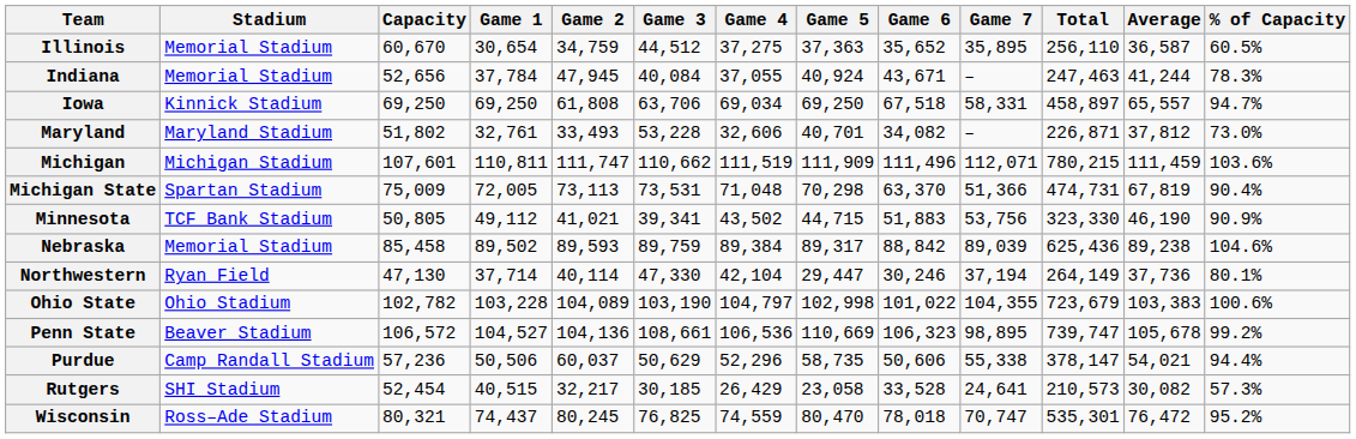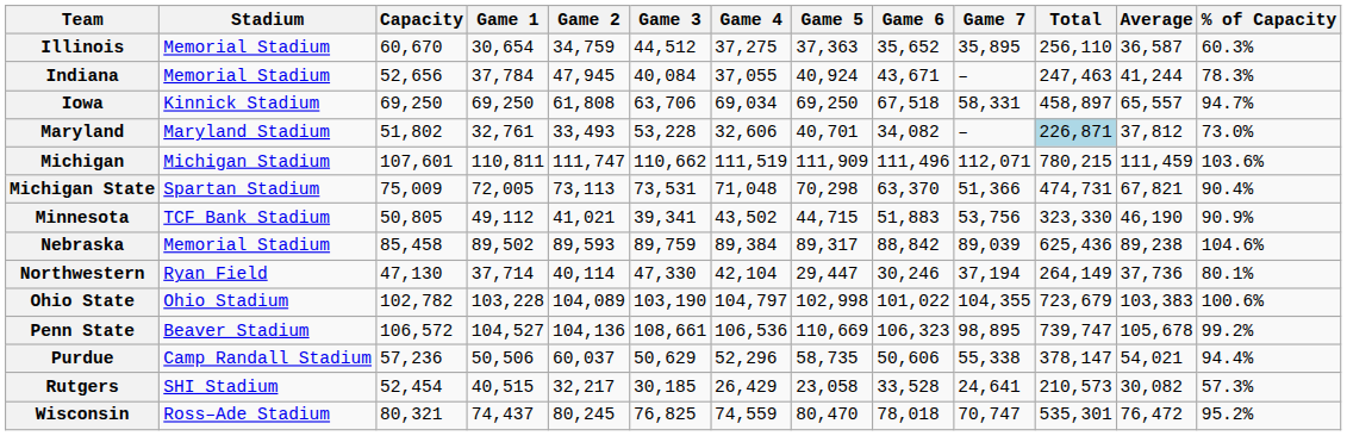 <table class="wikitable sortable">
 <tr>
 <th>Team</th>
 <th>Stadium</th>
 <th>Capacity</th>
 <th>Game 1</th>
 <th>Game 2</th>
 <th>Game 3</th>
 <th>Game 4</th>
 <th>Game 5</th>
 <th>Game 6</th>
 <th>Game 7</th>
 <th>Total</th>
 <th>Average</th>
 <th>% of Capacity</th>
 </tr>
 <tr>
 <th>Illinois</th>
 <td><a href='#'>Memorial Stadium</a></td>
 <td>60,670</td>
 <td>30,654</td>
 <td>34,759</td>
 <td>44,512</td>
 <td>37,275</td>
 <td>37,363</td>
 <td>35,652</td>
 <td>35,895</td>
 <td>256,110</td>
 <td>36,587</td>
-<td>60.5%</td>
+<td>60.3%</td>
 </tr>
 <tr>
 <th>Indiana</th>
 <td><a href='#'>Memorial Stadium</a></td>
 <td>52,656</td>
 <td>37,784</td>
 <td>47,945</td>
 <td>40,084</td>
 <td>37,055</td>
 <td>40,924</td>
 <td>43,671</td>
 <td>–</td>
 <td>247,463</td>
 <td>41,244</td>
 <td>78.3%</td>
 </tr>
 <tr>
 <th>Iowa</th>
 <td><a href='#'>Kinnick Stadium</a></td>
 <td>69,250</td>
 <td>69,250</td>
 <td>61,808</td>
 <td>63,706</td>
 <td>69,034</td>
 <td>69,250</td>
 <td>67,518</td>
 <td>58,331</td>
 <td>458,897</td>
 <td>65,557</td>
 <td>94.7%</td>
 </tr>
 <tr>
 <th>Maryland</th>
 <td><a href='#'>Maryland Stadium</a></td>
 <td>51,802</td>
 <td>32,761</td>
 <td>33,493</td>
 <td>53,228</td>
 <td>32,606</td>
 <td>40,701</td>
 <td>34,082</td>
 <td>–</td>
-<td>226,871</td>
+<td style="background: lightblue;">226,871</td>
 <td>37,812</td>
 <td>73.0%</td>
 </tr>
 <tr>
 <th>Michigan</th>
 <td><a href='#'>Michigan Stadium</a></td>
 <td>107,601</td>
 <td>110,811</td>
 <td>111,747</td>
 <td>110,662</td>
 <td>111,519</td>
 <td>111,909</td>
 <td>111,496</td>
 <td>112,071</td>
 <td>780,215</td>
 <td>111,459</td>
 <td>103.6%</td>
 </tr>
 <tr>
 <th>Michigan State</th>
 <td><a href='#'>Spartan Stadium</a></td>
 <td>75,009</td>
 <td>72,005</td>
 <td>73,113</td>
 <td>73,531</td>
 <td>71,048</td>
 <td>70,298</td>
 <td>63,370</td>
 <td>51,366</td>
 <td>474,731</td>
-<td>67,819</td>
+<td>67,821</td>
 <td>90.4%</td>
 </tr>
 <tr>
 <th>Minnesota</th>
 <td><a href='#'>TCF Bank Stadium</a></td>
 <td>50,805 </td>
 <td>49,112</td>
 <td>41,021</td>
 <td>39,341</td>
 <td>43,502</td>
 <td>44,715</td>
 <td>51,883</td>
 <td>53,756</td>
 <td>323,330</td>
 <td>46,190</td>
 <td>90.9%</td>
 </tr>
 <tr>
 <th>Nebraska</th>
 <td><a href='#'>Memorial Stadium</a></td>
 <td>85,458</td>
 <td>89,502</td>
 <td>89,593</td>
 <td>89,759</td>
 <td>89,384</td>
 <td>89,317</td>
 <td>88,842</td>
 <td>89,039</td>
 <td>625,436</td>
 <td>89,238</td>
 <td>104.6%</td>
 </tr>
 <tr>
 <th>Northwestern</th>
 <td><a href='#'>Ryan Field</a></td>
 <td>47,130</td>
 <td>37,714</td>
 <td>40,114</td>
 <td>47,330</td>
 <td>42,104</td>
 <td>29,447</td>
 <td>30,246</td>
 <td>37,194</td>
 <td>264,149</td>
 <td>37,736</td>
 <td>80.1%</td>
 </tr>
 <tr>
 <th>Ohio State</th>
 <td><a href='#'>Ohio Stadium</a></td>
 <td>102,782</td>
 <td>103,228</td>
 <td>104,089</td>
 <td>103,190</td>
 <td>104,797</td>
 <td>102,998</td>
 <td>101,022</td>
 <td>104,355</td>
 <td>723,679</td>
 <td>103,383</td>
 <td>100.6%</td>
 </tr>
 <tr>
 <th>Penn State</th>
 <td><a href='#'>Beaver Stadium</a></td>
 <td>106,572</td>
 <td>104,527</td>
 <td>104,136</td>
 <td>108,661</td>
 <td>106,536</td>
 <td>110,669</td>
 <td>106,323</td>
 <td>98,895</td>
 <td>739,747</td>
 <td>105,678</td>
 <td>99.2%</td>
 </tr>
 <tr>
 <th>Purdue</th>
 <td><a href='#'>Camp Randall Stadium</a></td>
 <td>57,236</td>
 <td>50,506</td>
 <td>60,037</td>
 <td>50,629</td>
 <td>52,296</td>
 <td>58,735</td>
 <td>50,606</td>
 <td>55,338</td>
 <td>378,147</td>
 <td>54,021</td>
 <td>94.4%</td>
 </tr>
 <tr>
 <th>Rutgers</th>
 <td><a href='#'>SHI Stadium</a></td>
 <td>52,454</td>
 <td>40,515</td>
 <td>32,217</td>
 <td>30,185</td>
 <td>26,429</td>
 <td>23,058</td>
 <td>33,528</td>
 <td>24,641</td>
 <td>210,573</td>
 <td>30,082</td>
 <td>57.3%</td>
 </tr>
 <tr>
 <th>Wisconsin</th>
 <td><a href='#'>Ross–Ade Stadium</a></td>
 <td>80,321</td>
 <td>74,437</td>
 <td>80,245</td>
 <td>76,825</td>
 <td>74,559</td>
 <td>80,470</td>
 <td>78,018</td>
 <td>70,747</td>
 <td>535,301</td>
 <td>76,472</td>
 <td>95.2%</td>
 </tr>
 </table>
